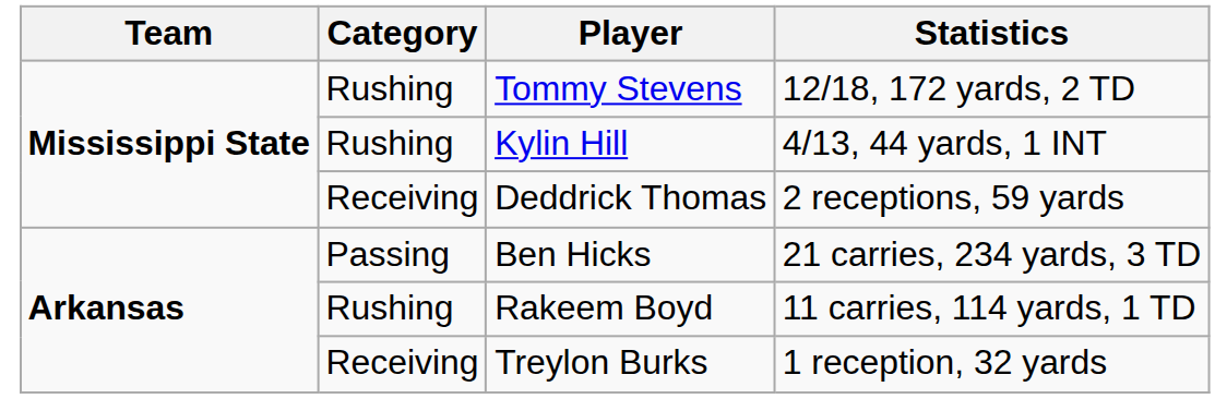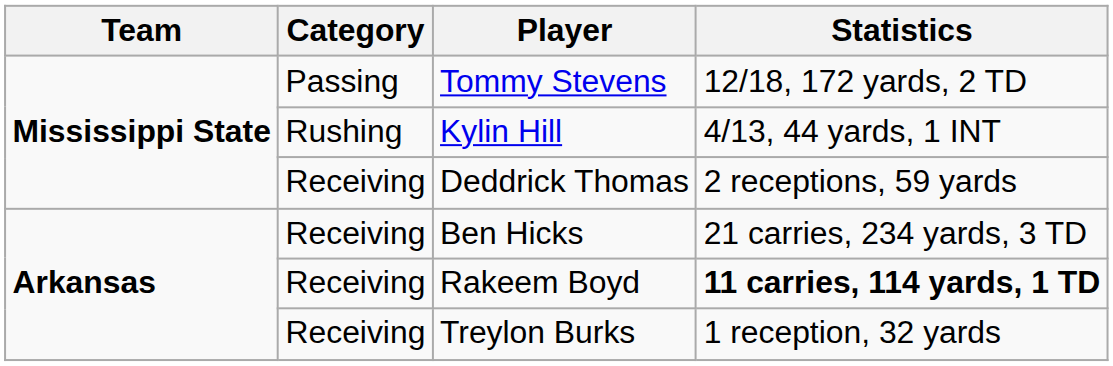 <table class="wikitable" style="float: right;">
 <tr>
 <th>Team</th>
 <th>Category</th>
 <th>Player</th>
 <th>Statistics</th>
 </tr>
 <tr>
 <td rowspan=3><strong>Mississippi State</strong></td>
-<td>Rushing</td>
+<td>Passing</td>
 <td><a href='#'>Tommy Stevens</a></td>
 <td>12/18, 172 yards, 2 TD</td>
 </tr>
 <tr>
 <td>Rushing</td>
 <td><a href='#'>Kylin Hill</a></td>
 <td>4/13, 44 yards, 1 INT</td>
 </tr>
 <tr>
 <td>Receiving</td>
 <td>Deddrick Thomas</td>
 <td>2 receptions, 59 yards</td>
 </tr>
 <tr>
 <td rowspan=3><strong>Arkansas</strong></td>
-<td>Passing</td>
+<td>Receiving</td>
 <td>Ben Hicks</td>
 <td>21 carries, 234 yards, 3 TD</td>
 </tr>
 <tr>
-<td>Rushing</td>
+<td>Receiving</td>
 <td>Rakeem Boyd</td>
-<td>11 carries, 114 yards, 1 TD</td>
+<td><strong>11 carries, 114 yards, 1 TD</strong></td>
 </tr>
 <tr>
 <td>Receiving</td>
 <td>Treylon Burks</td>
 <td>1 reception, 32 yards</td>
 </tr>
 </table>
